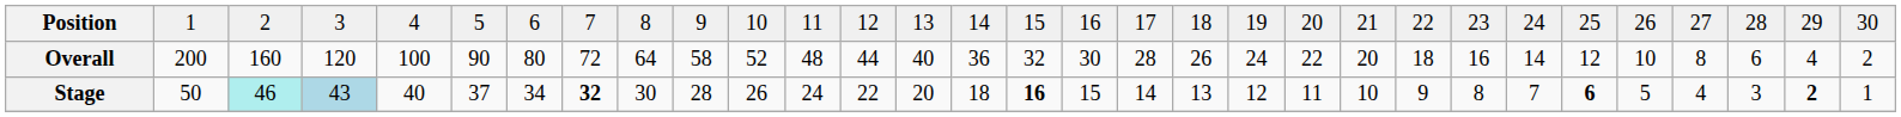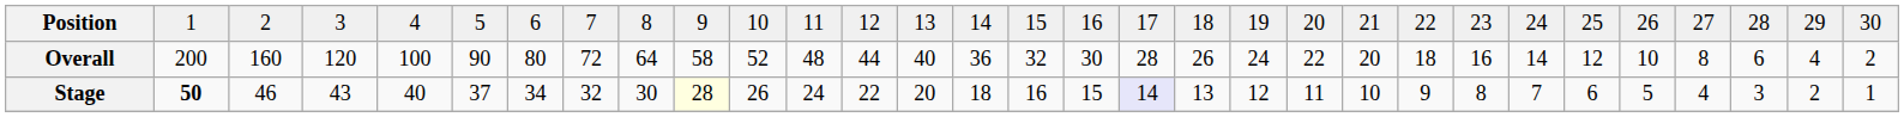 <table class="wikitable" style="font-size:90%; text-align:center; width:100%">
 <tr bgcolor="#F0F0F0">
 <th>Position</th>
 <td>1</td>
 <td>2</td>
 <td>3</td>
 <td>4</td>
 <td>5</td>
 <td>6</td>
 <td>7</td>
 <td>8</td>
 <td>9</td>
 <td>10</td>
 <td>11</td>
 <td>12</td>
 <td>13</td>
 <td>14</td>
 <td>15</td>
 <td>16</td>
 <td>17</td>
 <td>18</td>
 <td>19</td>
 <td>20</td>
 <td>21</td>
 <td>22</td>
 <td>23</td>
 <td>24</td>
 <td>25</td>
 <td>26</td>
 <td>27</td>
 <td>28</td>
 <td>29</td>
 <td>30</td>
 </tr>
 <tr>
 <th>Overall</th>
 <td>200</td>
 <td>160</td>
 <td>120</td>
 <td>100</td>
 <td>90</td>
 <td>80</td>
 <td>72</td>
 <td>64</td>
 <td>58</td>
 <td>52</td>
 <td>48</td>
 <td>44</td>
 <td>40</td>
 <td>36</td>
 <td>32</td>
 <td>30</td>
 <td>28</td>
 <td>26</td>
 <td>24</td>
 <td>22</td>
 <td>20</td>
 <td>18</td>
 <td>16</td>
 <td>14</td>
 <td>12</td>
 <td>10</td>
 <td>8</td>
 <td>6</td>
 <td>4</td>
 <td>2</td>
 </tr>
 <tr>
 <th>Stage</th>
-<td>50</td>
-<td style="background: paleturquoise;">46</td>
-<td style="background: lightblue;">43</td>
+<td><strong>50</strong></td>
+<td>46</td>
+<td>43</td>
 <td>40</td>
 <td>37</td>
 <td>34</td>
-<td><strong>32</strong></td>
+<td>32</td>
 <td>30</td>
-<td>28</td>
+<td style="background: lightyellow;">28</td>
 <td>26</td>
 <td>24</td>
 <td>22</td>
 <td>20</td>
 <td>18</td>
-<td><strong>16</strong></td>
+<td>16</td>
 <td>15</td>
-<td>14</td>
+<td style="background: lavender;">14</td>
 <td>13</td>
 <td>12</td>
 <td>11</td>
 <td>10</td>
 <td>9</td>
 <td>8</td>
 <td>7</td>
-<td><strong>6</strong></td>
+<td>6</td>
 <td>5</td>
 <td>4</td>
 <td>3</td>
-<td><strong>2</strong></td>
+<td>2</td>
 <td>1</td>
 </tr>
 <tr>
 </tr>
 </table>
